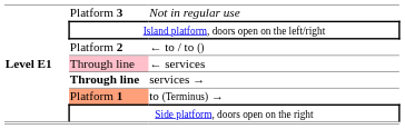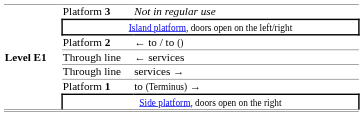 <table style="border-collapse:collapse">
 <tr style="border-top:1px solid grey">
 <td rowspan=7 style="width:80px"><strong>Level E1</strong></td>
 <td style="width:100px">Platform <strong>3</strong></td>
 <td style="width:320px"> <em>Not in regular use</em></td>
 </tr>
 <tr>
 <td colspan=2 style="border:2px solid;text-align:center"><small><a href='#'>Island platform</a>, doors open on the left/right</small></td>
 </tr>
 <tr>
 <td>Platform <strong>2</strong></td>
 <td>←  to  /  to  <small>()</small></td>
 </tr>
 <tr style="border-top:1px solid grey">
-<td style="background: pink;">Through line</td>
+<td>Through line</td>
 <td>←  services</td>
 </tr>
 <tr style="border-top:1px solid grey">
-<td><strong>Through line</strong></td>
+<td>Through line</td>
 <td>  services →</td>
 </tr>
 <tr style="border-top:1px solid grey">
-<td style="background: lightsalmon;">Platform <strong>1</strong></td>
+<td>Platform <strong>1</strong></td>
 <td>   to  <small>(Terminus)</small> →</td>
 </tr>
 <tr>
 <td colspan=2 style="border:solid;border-width:2px 2px 0;text-align:center"><small><a href='#'>Side platform</a>, doors open on the right</small></td>
 </tr>
 <tr style="border:solid grey;border-width:1px 0">
 <td><strong></strong></td>
 <td></td>
 <td></td>
 </tr>
 </table>
